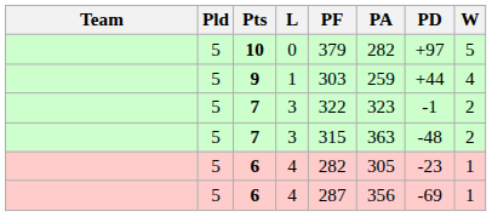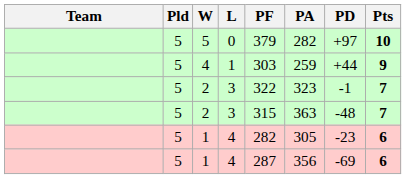 <table class=wikitable style="text-align:center">
 <tr>
 <th width=160>Team</th>
 <th width=20>Pld</th>
-<th width=30>Pts</th>
+<th width=20>W</th>
 <th width=20>L</th>
 <th width=35>PF</th>
 <th width=35>PA</th>
 <th width=35>PD</th>
-<th width=20>W</th>
+<th width=30>Pts</th>
 </tr>
 <tr bgcolor=#ccffcc>
 <td align=left></td>
 <td>5</td>
-<td><strong>10</strong></td>
+<td>5</td>
 <td>0</td>
 <td>379</td>
 <td>282</td>
 <td>+97</td>
-<td>5</td>
+<td><strong>10</strong></td>
 </tr>
 <tr bgcolor=#ccffcc>
 <td align=left></td>
 <td>5</td>
-<td><strong>9</strong></td>
+<td>4</td>
 <td>1</td>
 <td>303</td>
 <td>259</td>
 <td>+44</td>
-<td>4</td>
+<td><strong>9</strong></td>
 </tr>
 <tr bgcolor=#ccffcc>
 <td align=left></td>
 <td>5</td>
-<td><strong>7</strong></td>
+<td>2</td>
 <td>3</td>
 <td>322</td>
 <td>323</td>
 <td>-1</td>
-<td>2</td>
+<td><strong>7</strong></td>
 </tr>
 <tr bgcolor=#ccffcc>
 <td align=left></td>
 <td>5</td>
-<td><strong>7</strong></td>
+<td>2</td>
 <td>3</td>
 <td>315</td>
 <td>363</td>
 <td>-48</td>
-<td>2</td>
+<td><strong>7</strong></td>
 </tr>
 <tr bgcolor=#ffcccc>
 <td align=left></td>
 <td>5</td>
-<td><strong>6</strong></td>
+<td>1</td>
 <td>4</td>
 <td>282</td>
 <td>305</td>
 <td>-23</td>
-<td>1</td>
+<td><strong>6</strong></td>
 </tr>
 <tr bgcolor=#ffcccc>
 <td align=left></td>
 <td>5</td>
-<td><strong>6</strong></td>
+<td>1</td>
 <td>4</td>
 <td>287</td>
 <td>356</td>
 <td>-69</td>
-<td>1</td>
+<td><strong>6</strong></td>
 </tr>
 </table>
